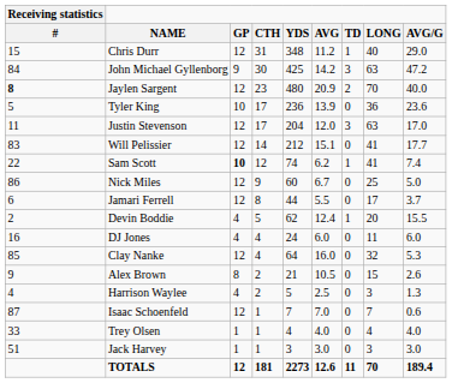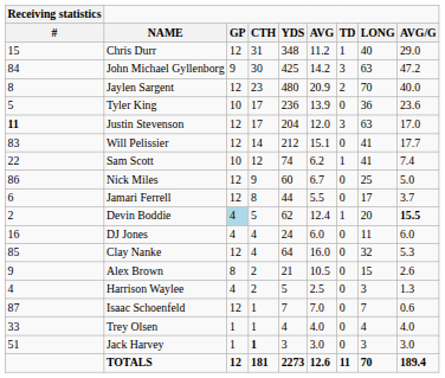 <table class="wikitable collapsible">
 <tr>
 <th style="text-align:center; ">Receiving statistics</th>
 </tr>
 <tr>
 <th>#</th>
 <th>NAME</th>
 <th>GP</th>
 <th>CTH</th>
 <th>YDS</th>
 <th>AVG</th>
 <th>TD</th>
 <th>LONG</th>
 <th>AVG/G</th>
 </tr>
 <tr>
 <td>15</td>
 <td>Chris Durr</td>
 <td>12</td>
 <td>31</td>
 <td>348</td>
 <td>11.2</td>
 <td>1</td>
 <td>40</td>
 <td>29.0</td>
 </tr>
 <tr>
 <td>84</td>
 <td>John Michael Gyllenborg</td>
 <td>9</td>
 <td>30</td>
 <td>425</td>
 <td>14.2</td>
 <td>3</td>
 <td>63</td>
 <td>47.2</td>
 </tr>
 <tr>
-<td><strong>8</strong></td>
+<td>8</td>
 <td>Jaylen Sargent</td>
 <td>12</td>
 <td>23</td>
 <td>480</td>
 <td>20.9</td>
 <td>2</td>
 <td>70</td>
 <td>40.0</td>
 </tr>
 <tr>
 <td>5</td>
 <td>Tyler King</td>
 <td>10</td>
 <td>17</td>
 <td>236</td>
 <td>13.9</td>
 <td>0</td>
 <td>36</td>
 <td>23.6</td>
 </tr>
 <tr>
-<td>11</td>
+<td><strong>11</strong></td>
 <td>Justin Stevenson</td>
 <td>12</td>
 <td>17</td>
 <td>204</td>
 <td>12.0</td>
 <td>3</td>
 <td>63</td>
 <td>17.0</td>
 </tr>
 <tr>
 <td>83</td>
 <td>Will Pelissier</td>
 <td>12</td>
 <td>14</td>
 <td>212</td>
 <td>15.1</td>
 <td>0</td>
 <td>41</td>
 <td>17.7</td>
 </tr>
 <tr>
 <td>22</td>
 <td>Sam Scott</td>
-<td><strong>10</strong></td>
+<td>10</td>
 <td>12</td>
 <td>74</td>
 <td>6.2</td>
 <td>1</td>
 <td>41</td>
 <td>7.4</td>
 </tr>
 <tr>
 <td>86</td>
 <td>Nick Miles</td>
 <td>12</td>
 <td>9</td>
 <td>60</td>
 <td>6.7</td>
 <td>0</td>
 <td>25</td>
 <td>5.0</td>
 </tr>
 <tr>
 <td>6</td>
 <td>Jamari Ferrell</td>
 <td>12</td>
 <td>8</td>
 <td>44</td>
 <td>5.5</td>
 <td>0</td>
 <td>17</td>
 <td>3.7</td>
 </tr>
 <tr>
 <td>2</td>
 <td>Devin Boddie</td>
-<td>4</td>
+<td style="background: lightblue;">4</td>
 <td>5</td>
 <td>62</td>
 <td>12.4</td>
 <td>1</td>
 <td>20</td>
-<td>15.5</td>
+<td><strong>15.5</strong></td>
 </tr>
 <tr>
 <td>16</td>
 <td>DJ Jones</td>
 <td>4</td>
 <td>4</td>
 <td>24</td>
 <td>6.0</td>
 <td>0</td>
 <td>11</td>
 <td>6.0</td>
 </tr>
 <tr>
 <td>85</td>
 <td>Clay Nanke</td>
 <td>12</td>
 <td>4</td>
 <td>64</td>
 <td>16.0</td>
 <td>0</td>
 <td>32</td>
 <td>5.3</td>
 </tr>
 <tr>
 <td>9</td>
 <td>Alex Brown</td>
 <td>8</td>
 <td>2</td>
 <td>21</td>
 <td>10.5</td>
 <td>0</td>
 <td>15</td>
 <td>2.6</td>
 </tr>
 <tr>
 <td>4</td>
 <td>Harrison Waylee</td>
 <td>4</td>
 <td>2</td>
 <td>5</td>
 <td>2.5</td>
 <td>0</td>
 <td>3</td>
 <td>1.3</td>
 </tr>
 <tr>
 <td>87</td>
 <td>Isaac Schoenfeld</td>
 <td>12</td>
 <td>1</td>
 <td>7</td>
 <td>7.0</td>
 <td>0</td>
 <td>7</td>
 <td>0.6</td>
 </tr>
 <tr>
 <td>33</td>
 <td>Trey Olsen</td>
 <td>1</td>
 <td>1</td>
 <td>4</td>
 <td>4.0</td>
 <td>0</td>
 <td>4</td>
 <td>4.0</td>
 </tr>
 <tr>
 <td>51</td>
 <td>Jack Harvey</td>
 <td>1</td>
-<td>1</td>
+<td><strong>1</strong></td>
 <td>3</td>
 <td>3.0</td>
 <td>0</td>
 <td>3</td>
 <td>3.0</td>
 </tr>
 <tr>
 <td></td>
 <td><strong>TOTALS</strong></td>
 <td><strong>12</strong></td>
 <td><strong>181</strong></td>
 <td><strong>2273</strong></td>
 <td><strong>12.6</strong></td>
 <td><strong>11</strong></td>
 <td><strong>70</strong></td>
 <td><strong>189.4</strong></td>
 </tr>
 </table>
